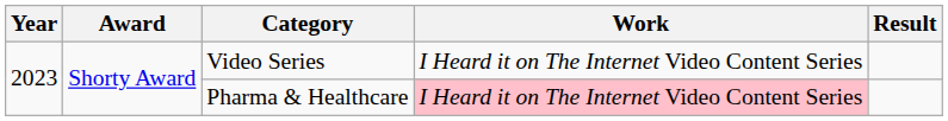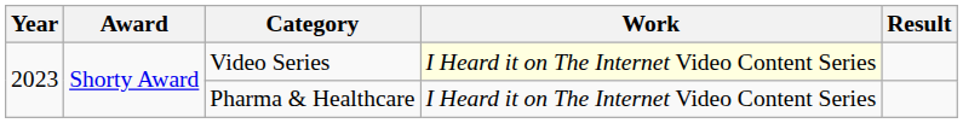 <table class="wikitable">
 <tr>
 <th>Year</th>
 <th>Award</th>
 <th>Category</th>
 <th>Work</th>
 <th>Result</th>
 </tr>
 <tr>
 <td rowspan="2">2023</td>
 <td rowspan="2"><a href='#'>Shorty Award</a></td>
 <td>Video Series</td>
-<td><em>I Heard it on The Internet</em> Video Content Series</td>
+<td style="background: lightyellow;"><em>I Heard it on The Internet</em> Video Content Series</td>
 <td></td>
 </tr>
 <tr>
 <td>Pharma & Healthcare</td>
-<td style="background: pink;"><em>I Heard it on The Internet</em> Video Content Series</td>
+<td><em>I Heard it on The Internet</em> Video Content Series</td>
 <td></td>
 </tr>
 </table>
